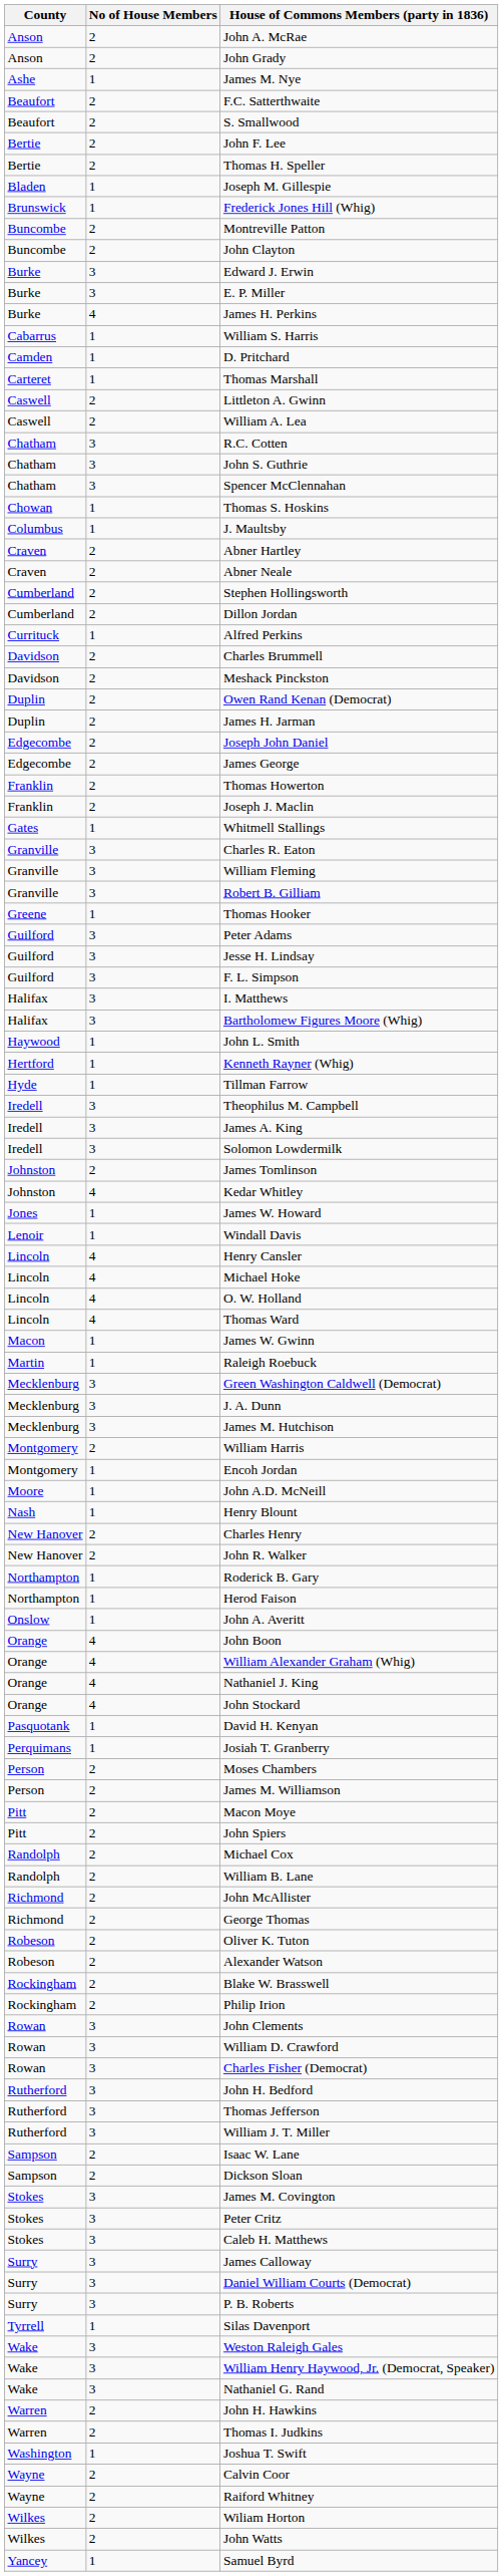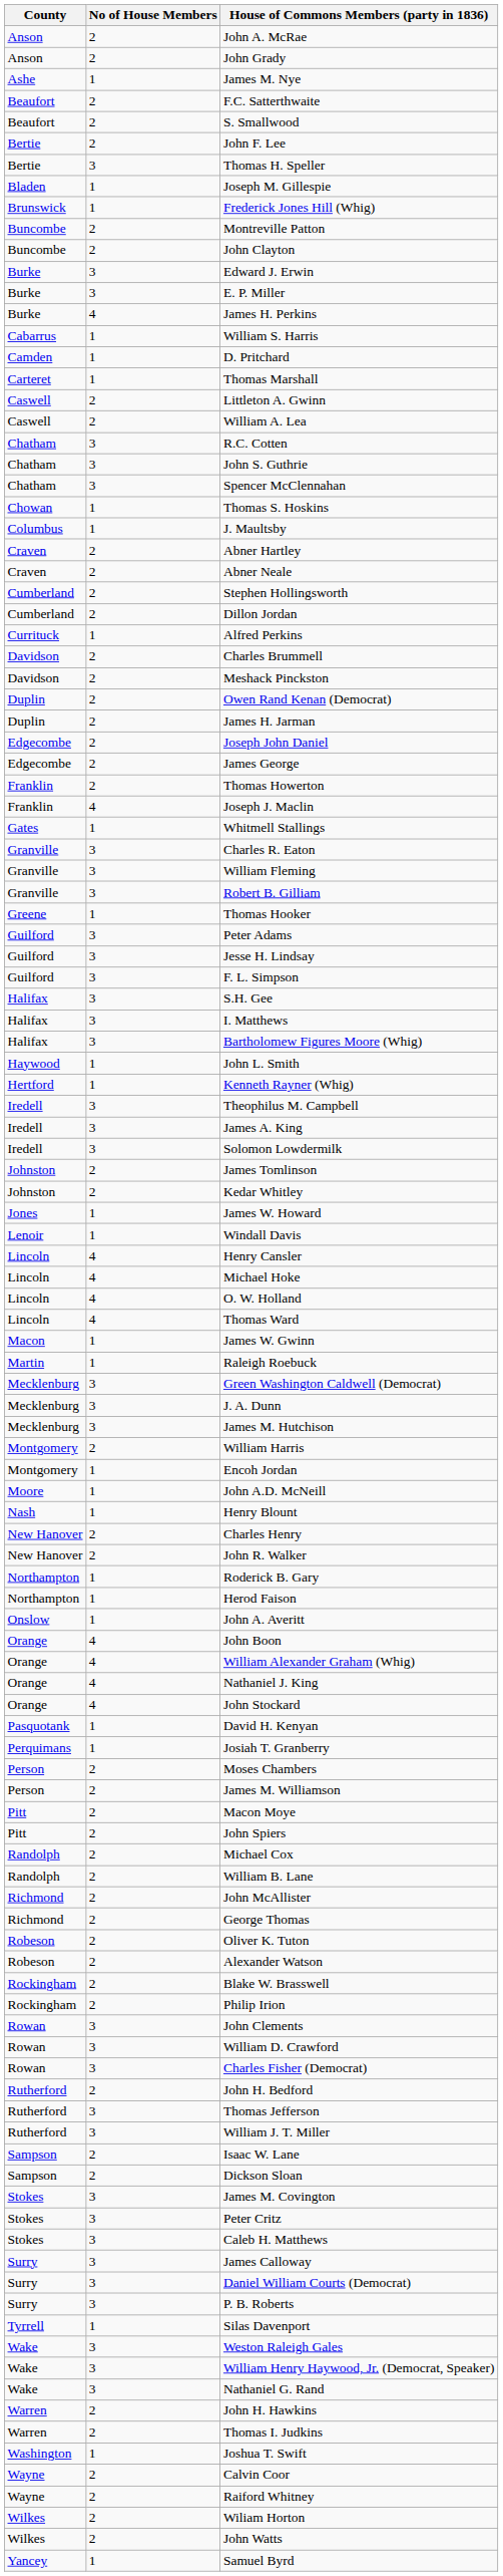 <table class="wikitable sortable">
 <tr>
 <th>County</th>
 <th>No of House Members</th>
 <th>House of Commons Members (party in 1836)</th>
 </tr>
 <tr>
 <td><a href='#'>Anson</a></td>
 <td>2</td>
 <td data-sort-value="McRae, John A.">John A. McRae</td>
 </tr>
 <tr>
 <td>Anson</td>
 <td>2</td>
 <td data-sort-value="Gradey, John">John Grady</td>
 </tr>
 <tr>
 <td><a href='#'>Ashe</a></td>
 <td>1</td>
 <td data-sort-value="Nye, James M.">James M. Nye</td>
 </tr>
 <tr>
 <td><a href='#'>Beaufort</a></td>
 <td>2</td>
 <td data-sort-value="Satterthwaite, F.C.">F.C. Satterthwaite</td>
 </tr>
 <tr>
 <td>Beaufort</td>
 <td>2</td>
 <td data-sort-value="Smallwood, S.">S. Smallwood</td>
 </tr>
 <tr>
 <td><a href='#'>Bertie</a></td>
 <td>2</td>
 <td data-sort-value="Lee, John F.">John F. Lee</td>
 </tr>
 <tr>
 <td>Bertie</td>
-<td>2</td>
+<td>3</td>
 <td data-sort-value="Speller, Thomas H.">Thomas H. Speller</td>
 </tr>
 <tr>
 <td><a href='#'>Bladen</a></td>
 <td>1</td>
 <td data-sort-value="Gillespie, Joseph M.">Joseph M. Gillespie</td>
 </tr>
 <tr>
 <td><a href='#'>Brunswick</a></td>
 <td>1</td>
 <td data-sort-value="Hill, Frederick Jones"><a href='#'>Frederick Jones Hill</a> (Whig)</td>
 </tr>
 <tr>
 <td><a href='#'>Buncombe</a></td>
 <td>2</td>
 <td data-sort-value="Patton, Montreville">Montreville Patton</td>
 </tr>
 <tr>
 <td>Buncombe</td>
 <td>2</td>
 <td data-sort-value="Clayton, John">John Clayton</td>
 </tr>
 <tr>
 <td><a href='#'>Burke</a></td>
 <td>3</td>
 <td data-sort-value="Erwin, Edward J.">Edward J. Erwin</td>
 </tr>
 <tr>
 <td>Burke</td>
 <td>3</td>
 <td data-sort-value="Miller, E. P.">E. P. Miller</td>
 </tr>
 <tr>
 <td>Burke</td>
 <td>4</td>
 <td data-sort-value="Perkins, James H.">James H. Perkins</td>
 </tr>
 <tr>
 <td><a href='#'>Cabarrus</a></td>
 <td>1</td>
 <td data-sort-value="Harris, William S.">William S. Harris</td>
 </tr>
 <tr>
 <td><a href='#'>Camden</a></td>
 <td>1</td>
 <td data-sort-value="Prtichard, D.">D. Pritchard</td>
 </tr>
 <tr>
 <td><a href='#'>Carteret</a></td>
 <td>1</td>
 <td data-sort-value="Marshall, Thomas">Thomas Marshall</td>
 </tr>
 <tr>
 <td><a href='#'>Caswell</a></td>
 <td>2</td>
 <td data-sort-value="Gwinn, Littleton A.">Littleton A. Gwinn</td>
 </tr>
 <tr>
 <td>Caswell</td>
 <td>2</td>
 <td data-sort-value="Lee, William A.">William A. Lea</td>
 </tr>
 <tr>
 <td><a href='#'>Chatham</a></td>
 <td>3</td>
 <td data-sort-value="Cotton, R.C.">R.C. Cotten</td>
 </tr>
 <tr>
 <td>Chatham</td>
 <td>3</td>
 <td data-sort-value="Guthrie, John S.">John S. Guthrie</td>
 </tr>
 <tr>
 <td>Chatham</td>
 <td>3</td>
 <td data-sort-value="McClennahan, Spencer">Spencer McClennahan</td>
 </tr>
 <tr>
 <td><a href='#'>Chowan</a></td>
 <td>1</td>
 <td data-sort-value="Hoskins, Thomas S.">Thomas S. Hoskins</td>
 </tr>
 <tr>
 <td><a href='#'>Columbus</a></td>
 <td>1</td>
 <td data-sort-value="Maultsby, J.">J. Maultsby</td>
 </tr>
 <tr>
 <td><a href='#'>Craven</a></td>
 <td>2</td>
 <td data-sort-value="Hartley, Abner">Abner Hartley</td>
 </tr>
 <tr>
 <td>Craven</td>
 <td>2</td>
 <td data-sort-value="Neale, Abner">Abner Neale</td>
 </tr>
 <tr>
 <td><a href='#'>Cumberland</a></td>
 <td>2</td>
 <td data-sort-value="Hollngsworth, Stephen">Stephen Hollingsworth</td>
 </tr>
 <tr>
 <td>Cumberland</td>
 <td>2</td>
 <td data-sort-value="Jordan, Dillon">Dillon Jordan</td>
 </tr>
 <tr>
 <td><a href='#'>Currituck</a></td>
 <td>1</td>
 <td data-sort-value="Perkins, Alfred">Alfred Perkins</td>
 </tr>
 <tr>
 <td><a href='#'>Davidson</a></td>
 <td>2</td>
 <td data-sort-value="Brummell, Charles">Charles Brummell</td>
 </tr>
 <tr>
 <td>Davidson</td>
 <td>2</td>
 <td data-sort-value="Pinckston, Meshack">Meshack Pinckston</td>
 </tr>
 <tr>
 <td><a href='#'>Duplin</a></td>
 <td>2</td>
 <td data-sort-value="Kenan, Owen Rand"><a href='#'>Owen Rand Kenan</a> (Democrat)</td>
 </tr>
 <tr>
 <td>Duplin</td>
 <td>2</td>
 <td data-sort-value="Jarman, James H.">James H. Jarman</td>
 </tr>
 <tr>
 <td><a href='#'>Edgecombe</a></td>
 <td>2</td>
 <td data-sort-value="Daniel, Joseph John"><a href='#'>Joseph John Daniel</a></td>
 </tr>
 <tr>
 <td>Edgecombe</td>
 <td>2</td>
 <td data-sort-value="George, James">James George</td>
 </tr>
 <tr>
 <td><a href='#'>Franklin</a></td>
 <td>2</td>
 <td data-sort-value="Howerton, Thomas">Thomas Howerton</td>
 </tr>
 <tr>
 <td>Franklin</td>
-<td>2</td>
+<td>4</td>
 <td data-sort-value="Maclin, Joseph J.">Joseph J. Maclin</td>
 </tr>
 <tr>
 <td><a href='#'>Gates</a></td>
 <td>1</td>
 <td data-sort-value="Stallings, Whitmell">Whitmell Stallings</td>
 </tr>
 <tr>
 <td><a href='#'>Granville</a></td>
 <td>3</td>
 <td data-sort-value="Eaton, Charles R.">Charles R. Eaton</td>
 </tr>
 <tr>
 <td>Granville</td>
 <td>3</td>
 <td data-sort-value="Fleming, William">William Fleming</td>
 </tr>
 <tr>
 <td>Granville</td>
 <td>3</td>
 <td data-sort-value="Gilliam, Robert B."><a href='#'>Robert B. Gilliam</a></td>
 </tr>
 <tr>
 <td><a href='#'>Greene</a></td>
 <td>1</td>
 <td data-sort-value="Hooker, Thomas">Thomas Hooker</td>
 </tr>
 <tr>
 <td><a href='#'>Guilford</a></td>
 <td>3</td>
 <td data-sort-value="Adams, Peter">Peter Adams</td>
 </tr>
 <tr>
 <td>Guilford</td>
 <td>3</td>
 <td data-sort-value="Lindsay, Jesse H.">Jesse H. Lindsay</td>
 </tr>
 <tr>
 <td>Guilford</td>
 <td>3</td>
 <td data-sort-value="Simpson, F.L.">F. L. Simpson</td>
 </tr>
 <tr>
+<td><a href='#'>Halifax</a></td>
+<td>3</td>
+<td data-sort-value="Gee, S. H.">S.H. Gee</td>
+</tr>
+<tr>
 <td>Halifax</td>
 <td>3</td>
 <td data-sort-value="Matthews, I.">I. Matthews</td>
 </tr>
 <tr>
 <td>Halifax</td>
 <td>3</td>
 <td data-sort-value="Moore, Bartholomew Figures"><a href='#'>Bartholomew Figures Moore</a> (Whig)</td>
 </tr>
 <tr>
 <td><a href='#'>Haywood</a></td>
 <td>1</td>
 <td data-sort-value="Smith, John L.">John L. Smith</td>
 </tr>
 <tr>
 <td><a href='#'>Hertford</a></td>
 <td>1</td>
 <td data-sort-value="Rayner, Kenneth"><a href='#'>Kenneth Rayner</a> (Whig)</td>
-</tr>
-<tr>
-<td><a href='#'>Hyde</a></td>
-<td>1</td>
-<td data-sort-value="Farrow, Tillman">Tillman Farrow</td>
 </tr>
 <tr>
 <td><a href='#'>Iredell</a></td>
 <td>3</td>
 <td data-sort-value="Campbell, Theophilus">Theophilus M. Campbell</td>
 </tr>
 <tr>
 <td>Iredell</td>
 <td>3</td>
 <td data-sort-value="King, James A.">James A. King</td>
 </tr>
 <tr>
 <td>Iredell</td>
 <td>3</td>
 <td data-sort-value="Lowdermilk, Solomon">Solomon Lowdermilk</td>
 </tr>
 <tr>
 <td><a href='#'>Johnston</a></td>
 <td>2</td>
 <td data-sort-value="Tomlinson, James">James Tomlinson</td>
 </tr>
 <tr>
 <td>Johnston</td>
-<td>4</td>
+<td>2</td>
 <td data-sort-value="Whitley, Kedar">Kedar Whitley</td>
 </tr>
 <tr>
 <td><a href='#'>Jones</a></td>
 <td>1</td>
 <td data-sort-value="Howard, James W.">James W. Howard</td>
 </tr>
 <tr>
 <td><a href='#'>Lenoir</a></td>
 <td>1</td>
 <td data-sort-value="Davis, Windall">Windall Davis</td>
 </tr>
 <tr>
 <td><a href='#'>Lincoln</a></td>
 <td>4</td>
 <td data-sort-value="Cansler, Henry">Henry Cansler</td>
 </tr>
 <tr>
 <td>Lincoln</td>
 <td>4</td>
 <td data-sort-value="Hoke, Michael">Michael Hoke</td>
 </tr>
 <tr>
 <td>Lincoln</td>
 <td>4</td>
 <td data-sort-value="Holland, O. W.">O. W. Holland</td>
 </tr>
 <tr>
 <td>Lincoln</td>
 <td>4</td>
 <td data-sort-value="Ward, Thomas">Thomas Ward</td>
 </tr>
 <tr>
 <td><a href='#'>Macon</a></td>
 <td>1</td>
 <td data-sort-value="Gwinn, James W.">James W. Gwinn</td>
 </tr>
 <tr>
 <td><a href='#'>Martin</a></td>
 <td>1</td>
 <td data-sort-value="Roebuck, Raleigh">Raleigh Roebuck</td>
 </tr>
 <tr>
 <td><a href='#'>Mecklenburg</a></td>
 <td>3</td>
 <td data-sort-value="Caldwell, Greene Washington"><a href='#'>Green Washington Caldwell</a> (Democrat)</td>
 </tr>
 <tr>
 <td>Mecklenburg</td>
 <td>3</td>
 <td data-sort-value="Dunn, J. A.">J. A. Dunn</td>
 </tr>
 <tr>
 <td>Mecklenburg</td>
 <td>3</td>
 <td data-sort-value="Hutchison, James M.">James M. Hutchison</td>
 </tr>
 <tr>
 <td><a href='#'>Montgomery</a></td>
 <td>2</td>
 <td data-sort-value="Harris, William">William Harris</td>
 </tr>
 <tr>
 <td>Montgomery</td>
 <td>1</td>
 <td data-sort-value="Jordan, Enoch">Encoh Jordan</td>
 </tr>
 <tr>
 <td><a href='#'>Moore</a></td>
 <td>1</td>
 <td data-sort-value="McNeill, John A. D.">John A.D. McNeill</td>
 </tr>
 <tr>
 <td><a href='#'>Nash</a></td>
 <td>1</td>
 <td data-sort-value="Blount, Henry">Henry Blount</td>
 </tr>
 <tr>
 <td><a href='#'>New Hanover</a></td>
 <td>2</td>
 <td data-sort-value="Henry, Charles">Charles Henry</td>
 </tr>
 <tr>
 <td>New Hanover</td>
 <td>2</td>
 <td data-sort-value="Walker, John R.">John R. Walker</td>
 </tr>
 <tr>
 <td><a href='#'>Northampton</a></td>
 <td>1</td>
 <td data-sort-value="Gary, Roderick B.">Roderick B. Gary</td>
 </tr>
 <tr>
 <td>Northampton</td>
 <td>1</td>
 <td data-sort-value="Faison, Herod">Herod Faison</td>
 </tr>
 <tr>
 <td><a href='#'>Onslow</a></td>
 <td>1</td>
 <td data-sort-value="Averitt, John A.">John A. Averitt</td>
 </tr>
 <tr>
 <td><a href='#'>Orange</a></td>
 <td>4</td>
 <td data-sort-value="Boon, John">John Boon</td>
 </tr>
 <tr>
 <td>Orange</td>
 <td>4</td>
 <td data-sort-value="Graham, William Alexander"><a href='#'>William Alexander Graham</a> (Whig)</td>
 </tr>
 <tr>
 <td>Orange</td>
 <td>4</td>
 <td data-sort-value="King, Nathaniel J.">Nathaniel J. King</td>
 </tr>
 <tr>
 <td>Orange</td>
 <td>4</td>
 <td data-sort-value="Stockard, John">John Stockard</td>
 </tr>
 <tr>
 <td><a href='#'>Pasquotank</a></td>
 <td>1</td>
 <td data-sort-value="Kenyan, David H.">David H. Kenyan</td>
 </tr>
 <tr>
 <td><a href='#'>Perquimans</a></td>
 <td>1</td>
 <td data-sort-value="Granberry, Josiah T.">Josiah T. Granberry</td>
 </tr>
 <tr>
 <td><a href='#'>Person</a></td>
 <td>2</td>
 <td data-sort-value="Chambers, Moses">Moses Chambers</td>
 </tr>
 <tr>
 <td>Person</td>
 <td>2</td>
 <td data-sort-value="Williamson, James M.">James M. Williamson</td>
 </tr>
 <tr>
 <td><a href='#'>Pitt</a></td>
 <td>2</td>
 <td data-sort-value="Moye, Macon">Macon Moye</td>
 </tr>
 <tr>
 <td>Pitt</td>
 <td>2</td>
 <td data-sort-value="Spiers, John">John Spiers</td>
 </tr>
 <tr>
 <td><a href='#'>Randolph</a></td>
 <td>2</td>
 <td data-sort-value="Cox, Michael">Michael Cox</td>
 </tr>
 <tr>
 <td>Randolph</td>
 <td>2</td>
 <td data-sort-value="Lane, William B.">William B. Lane</td>
 </tr>
 <tr>
 <td><a href='#'>Richmond</a></td>
 <td>2</td>
 <td data-sort-value="McAllister, John">John McAllister</td>
 </tr>
 <tr>
 <td>Richmond</td>
 <td>2</td>
 <td data-sort-value="Thomas, George">George Thomas</td>
 </tr>
 <tr>
 <td><a href='#'>Robeson</a></td>
 <td>2</td>
 <td data-sort-value="Tuton, Oliver K.">Oliver K. Tuton</td>
 </tr>
 <tr>
 <td>Robeson</td>
 <td>2</td>
 <td data-sort-value="Watson, Alexander">Alexander Watson</td>
 </tr>
 <tr>
 <td><a href='#'>Rockingham</a></td>
 <td>2</td>
 <td data-sort-value="Brasswell, Blake W.">Blake W. Brasswell</td>
 </tr>
 <tr>
 <td>Rockingham</td>
 <td>2</td>
 <td data-sort-value="Irion, Philip">Philip Irion</td>
 </tr>
 <tr>
 <td><a href='#'>Rowan</a></td>
 <td>3</td>
 <td data-sort-value="Clements, John">John Clements</td>
 </tr>
 <tr>
 <td>Rowan</td>
 <td>3</td>
 <td data-sort-value="Crawford, William D.">William D. Crawford</td>
 </tr>
 <tr>
 <td>Rowan</td>
 <td>3</td>
 <td data-sort-value="Fisher, Charles"><a href='#'>Charles Fisher</a> (Democrat)</td>
 </tr>
 <tr>
 <td><a href='#'>Rutherford</a></td>
-<td>3</td>
+<td>2</td>
 <td data-sort-value="Bedord, John H.">John H. Bedford</td>
 </tr>
 <tr>
 <td>Rutherford</td>
 <td>3</td>
 <td data-sort-value="Jefferson, Thomas">Thomas Jefferson</td>
 </tr>
 <tr>
 <td>Rutherford</td>
 <td>3</td>
 <td data-sort-value="Miller, William J. T.">William J. T. Miller</td>
 </tr>
 <tr>
 <td><a href='#'>Sampson</a></td>
 <td>2</td>
 <td data-sort-value="Lane, Isaac W.">Isaac W. Lane</td>
 </tr>
 <tr>
 <td>Sampson</td>
 <td>2</td>
 <td data-sort-value="Sloan, Dickson">Dickson Sloan</td>
 </tr>
 <tr>
 <td><a href='#'>Stokes</a></td>
 <td>3</td>
 <td data-sort-value="Covington, James M.">James M. Covington</td>
 </tr>
 <tr>
 <td>Stokes</td>
 <td>3</td>
 <td data-sort-value="Critz, Peter">Peter Critz</td>
 </tr>
 <tr>
 <td>Stokes</td>
 <td>3</td>
 <td data-sort-value="Matthews, Caleb H.">Caleb H. Matthews</td>
 </tr>
 <tr>
 <td><a href='#'>Surry</a></td>
 <td>3</td>
 <td data-sort-value="Calloway, James">James Calloway</td>
 </tr>
 <tr>
 <td>Surry</td>
 <td>3</td>
 <td data-sort-value="Courts, Daniel William"><a href='#'>Daniel William Courts</a> (Democrat)</td>
 </tr>
 <tr>
 <td>Surry</td>
 <td>3</td>
 <td data-sort-value="Roberts, P. B.">P. B. Roberts</td>
 </tr>
 <tr>
 <td><a href='#'>Tyrrell</a></td>
 <td>1</td>
 <td data-sort-value="Davenport, Silas">Silas Davenport</td>
 </tr>
 <tr>
 <td><a href='#'>Wake</a></td>
 <td>3</td>
 <td data-sort-value="Gales, Weston Raleigh"><a href='#'>Weston Raleigh Gales</a></td>
 </tr>
 <tr>
 <td>Wake</td>
 <td>3</td>
 <td data-sort-value="Haywood, William Henry, Jr."><a href='#'>William Henry Haywood, Jr.</a> (Democrat, Speaker)</td>
 </tr>
 <tr>
 <td>Wake</td>
 <td>3</td>
 <td data-sort-value="Rand, Nathaniel G.">Nathaniel G. Rand</td>
 </tr>
 <tr>
 <td><a href='#'>Warren</a></td>
 <td>2</td>
 <td data-sort-value="Hawkins, John H.">John H. Hawkins</td>
 </tr>
 <tr>
 <td>Warren</td>
 <td>2</td>
 <td data-sort-value="Judkins, Thomas I.">Thomas I. Judkins</td>
 </tr>
 <tr>
 <td><a href='#'>Washington</a></td>
 <td>1</td>
 <td data-sort-value="Swift, Joshua T.">Joshua T. Swift</td>
 </tr>
 <tr>
 <td><a href='#'>Wayne</a></td>
 <td>2</td>
 <td data-sort-value="Coor, Calvin">Calvin Coor</td>
 </tr>
 <tr>
 <td>Wayne</td>
 <td>2</td>
 <td data-sort-value="Whitney, Raiford">Raiford Whitney</td>
 </tr>
 <tr>
 <td><a href='#'>Wilkes</a></td>
 <td>2</td>
 <td data-sort-value="Horton, William">Wiliam Horton</td>
 </tr>
 <tr>
 <td>Wilkes</td>
 <td>2</td>
 <td data-sort-value="Watts, John">John Watts</td>
 </tr>
 <tr>
 <td><a href='#'>Yancey</a></td>
 <td>1</td>
 <td data-sort-value="Byrd, Samuel">Samuel Byrd</td>
 </tr>
 </table>
